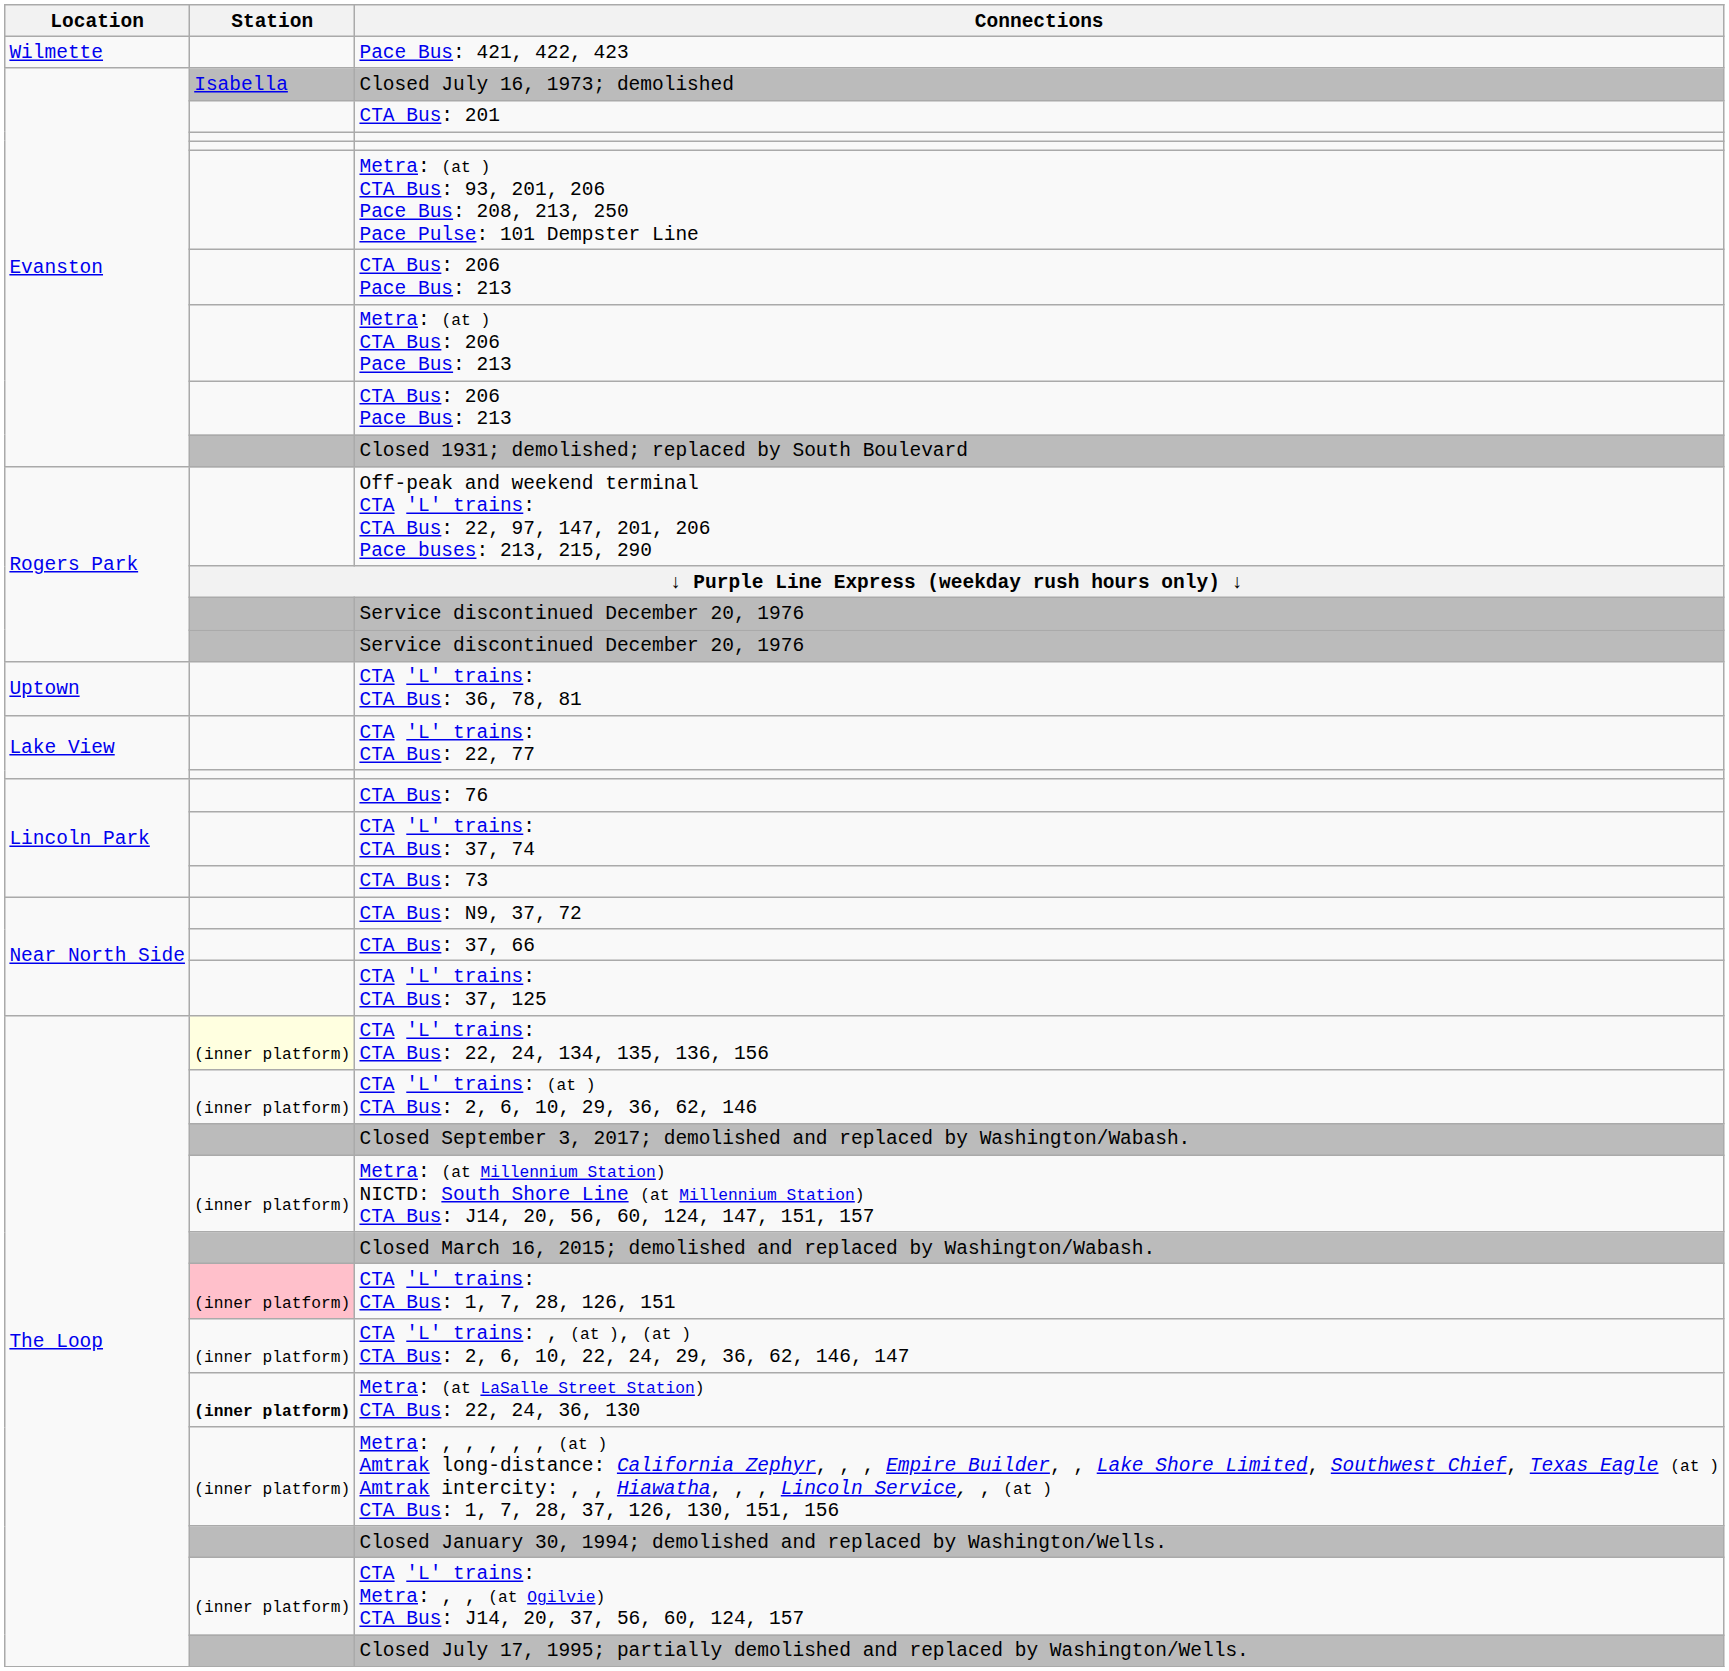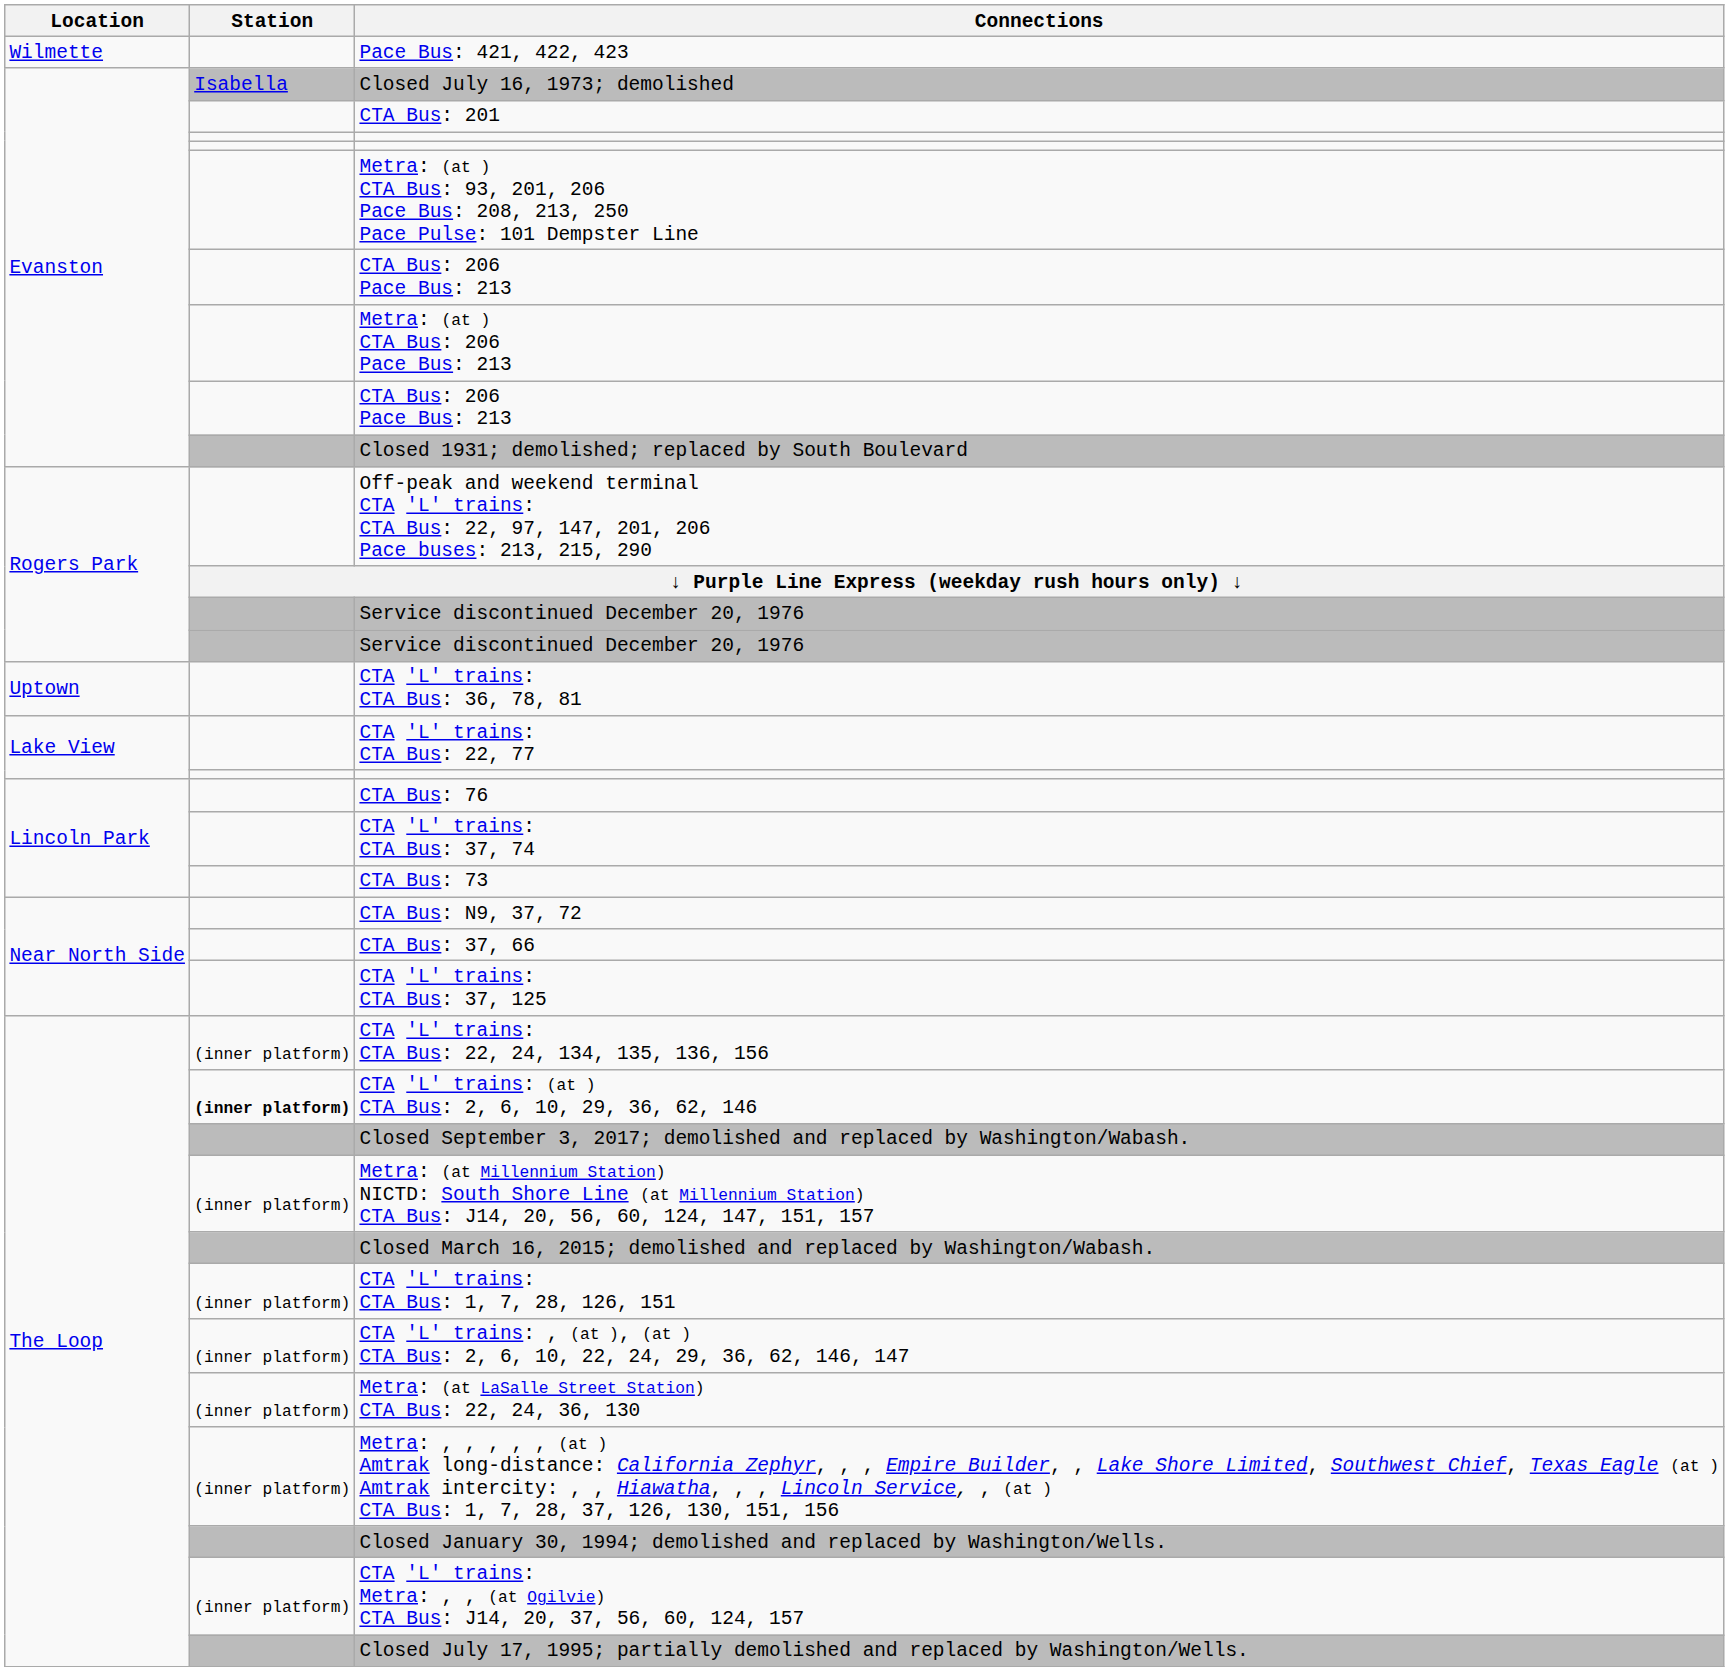 <table class="wikitable plainrowheaders" align=center>
 <tr>
 <th>Location</th>
 <th>Station</th>
 <th>Connections</th>
 </tr>
 <tr>
 <td><a href='#'>Wilmette</a></td>
 <td>  </td>
 <td> <a href='#'>Pace Bus</a>: 421, 422, 423</td>
 </tr>
 <tr>
 <td rowspan="9"><a href='#'>Evanston</a></td>
 <td style="background-color: #bbb"><a href='#'>Isabella</a></td>
 <td style="background-color: #bbb">Closed July 16, 1973; demolished</td>
 </tr>
 <tr>
 <td></td>
 <td> <a href='#'>CTA Bus</a>: 201</td>
 </tr>
 <tr>
 <td></td>
 <td></td>
 </tr>
 <tr>
 <td></td>
 <td></td>
 </tr>
 <tr>
 <td> </td>
 <td> <a href='#'>Metra</a>:  <small>(at )</small><br> <a href='#'>CTA Bus</a>: 93, 201, 206<br> <a href='#'>Pace Bus</a>: 208, 213, 250<br> <a href='#'>Pace Pulse</a>: 101 Dempster Line</td>
 </tr>
 <tr>
 <td></td>
 <td> <a href='#'>CTA Bus</a>: 206<br> <a href='#'>Pace Bus</a>: 213</td>
 </tr>
 <tr>
 <td></td>
 <td> <a href='#'>Metra</a>:  <small>(at )</small><br> <a href='#'>CTA Bus</a>: 206<br> <a href='#'>Pace Bus</a>: 213</td>
 </tr>
 <tr>
 <td></td>
 <td> <a href='#'>CTA Bus</a>: 206<br> <a href='#'>Pace Bus</a>: 213</td>
 </tr>
 <tr>
 <td style="background-color: #bbb"></td>
 <td style="background-color: #bbb">Closed 1931; demolished; replaced by South Boulevard</td>
 </tr>
 <tr>
 <td rowspan="4"><a href='#'>Rogers Park</a></td>
 <td>  </td>
 <td>Off-peak and weekend terminal<br> <a href='#'>CTA</a> <a href='#'>'L' trains</a>:  <br> <a href='#'>CTA Bus</a>: 22, 97, 147, 201, 206<br> <a href='#'>Pace buses</a>: 213, 215, 290</td>
 </tr>
 <tr>
 <th colspan=3>↓ Purple Line Express (weekday rush hours only) ↓</th>
 </tr>
 <tr>
 <td style="background-color: #bbb"></td>
 <td style="background-color: #bbb">Service discontinued December 20, 1976</td>
 </tr>
 <tr>
 <td style="background-color: #bbb"> </td>
 <td style="background-color: #bbb">Service discontinued December 20, 1976</td>
 </tr>
 <tr>
 <td><a href='#'>Uptown</a></td>
 <td> </td>
 <td> <a href='#'>CTA</a> <a href='#'>'L' trains</a>: <br> <a href='#'>CTA Bus</a>: 36, 78, 81</td>
 </tr>
 <tr>
 <td rowspan="2"><a href='#'>Lake View</a></td>
 <td> </td>
 <td> <a href='#'>CTA</a> <a href='#'>'L' trains</a>:  <br> <a href='#'>CTA Bus</a>: 22, 77</td>
 </tr>
 <tr>
 <td> </td>
 <td></td>
 </tr>
 <tr>
 <td rowspan="3"><a href='#'>Lincoln Park</a></td>
 <td> </td>
 <td> <a href='#'>CTA Bus</a>: 76</td>
 </tr>
 <tr>
 <td> </td>
 <td> <a href='#'>CTA</a> <a href='#'>'L' trains</a>:  <br> <a href='#'>CTA Bus</a>: 37, 74</td>
 </tr>
 <tr>
 <td> </td>
 <td> <a href='#'>CTA Bus</a>: 73</td>
 </tr>
 <tr>
 <td rowspan="3"><a href='#'>Near North Side</a></td>
 <td> </td>
 <td> <a href='#'>CTA Bus</a>: N9, 37, 72</td>
 </tr>
 <tr>
 <td> </td>
 <td> <a href='#'>CTA Bus</a>: 37, 66</td>
 </tr>
 <tr>
 <td> </td>
 <td> <a href='#'>CTA</a> <a href='#'>'L' trains</a>: <br> <a href='#'>CTA Bus</a>: 37, 125</td>
 </tr>
 <tr>
 <td rowspan="12"><a href='#'>The Loop</a></td>
-<td style="background: lightyellow;"> <br><small>(inner platform)</small></td>
+<td> <br><small>(inner platform)</small></td>
 <td> <a href='#'>CTA</a> <a href='#'>'L' trains</a>:     <br> <a href='#'>CTA Bus</a>: 22, 24, 134, 135, 136, 156</td>
 </tr>
 <tr>
-<td><br><small>(inner platform)</small></td>
+<td><strong><br><small>(inner platform)</small></strong></td>
 <td> <a href='#'>CTA</a> <a href='#'>'L' trains</a>:  <small>(at )</small><br> <a href='#'>CTA Bus</a>: 2, 6, 10, 29, 36, 62, 146</td>
 </tr>
 <tr>
 <td style="background-color: #bbb"></td>
 <td style="background-color: #bbb">Closed September 3, 2017; demolished and replaced by Washington/Wabash.</td>
 </tr>
 <tr>
 <td> <br><small>(inner platform)</small></td>
 <td> <a href='#'>Metra</a>:  <small>(at <a href='#'>Millennium Station</a>)</small><br> NICTD: <a href='#'>South Shore Line</a> <small>(at <a href='#'>Millennium Station</a>)</small><br> <a href='#'>CTA Bus</a>: J14, 20, 56, 60, 124, 147, 151, 157</td>
 </tr>
 <tr>
 <td style="background-color: #bbb"></td>
 <td style="background-color: #bbb">Closed March 16, 2015; demolished and replaced by Washington/Wabash.</td>
 </tr>
 <tr>
-<td style="background: pink;"><br><small>(inner platform)</small></td>
+<td><br><small>(inner platform)</small></td>
 <td> <a href='#'>CTA</a> <a href='#'>'L' trains</a>:    <br> <a href='#'>CTA Bus</a>: 1, 7, 28, 126, 151</td>
 </tr>
 <tr>
 <td> <br><small>(inner platform)</small></td>
 <td> <a href='#'>CTA</a> <a href='#'>'L' trains</a>:   ,  <small>(at )</small>,  <small>(at )</small><br> <a href='#'>CTA Bus</a>: 2, 6, 10, 22, 24, 29, 36, 62, 146, 147</td>
 </tr>
 <tr>
-<td><strong><br><small>(inner platform)</small></strong></td>
+<td><br><small>(inner platform)</small></td>
 <td> <a href='#'>Metra</a>:  <small>(at <a href='#'>LaSalle Street Station</a>)</small><br> <a href='#'>CTA Bus</a>: 22, 24, 36, 130</td>
 </tr>
 <tr>
 <td> <br><small>(inner platform)</small></td>
 <td> <a href='#'>Metra</a>: , , , , ,  <small>(at )</small><br> <a href='#'>Amtrak</a> long-distance: <em><a href='#'>California Zephyr</a></em>, , , <em><a href='#'>Empire Builder</a></em>, , <em><a href='#'>Lake Shore Limited</a></em>, <em><a href='#'>Southwest Chief</a></em>, <em><a href='#'>Texas Eagle</a></em> <small>(at )</small><br> <a href='#'>Amtrak</a> intercity: , , <em><a href='#'>Hiawatha</a></em>, , , <em><a href='#'>Lincoln Service</a>,</em> ,  <small>(at )</small><br> <a href='#'>CTA Bus</a>: 1, 7, 28, 37, 126, 130, 151, 156</td>
 </tr>
 <tr>
 <td style="background-color: #bbb"></td>
 <td style="background-color: #bbb">Closed January 30, 1994; demolished and replaced by Washington/Wells.</td>
 </tr>
 <tr>
 <td> <br><small>(inner platform)</small></td>
 <td> <a href='#'>CTA</a> <a href='#'>'L' trains</a>:   <br> <a href='#'>Metra</a>: , ,  <small>(at <a href='#'>Ogilvie</a>)</small><br> <a href='#'>CTA Bus</a>: J14, 20, 37, 56, 60, 124, 157</td>
 </tr>
 <tr>
 <td style="background-color: #bbb"></td>
 <td style="background-color: #bbb">Closed July 17, 1995; partially demolished and replaced by Washington/Wells.</td>
 </tr>
 </table>
